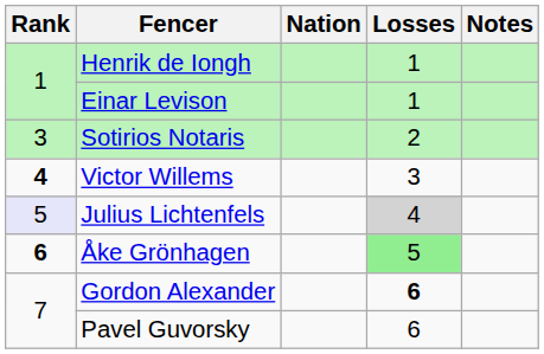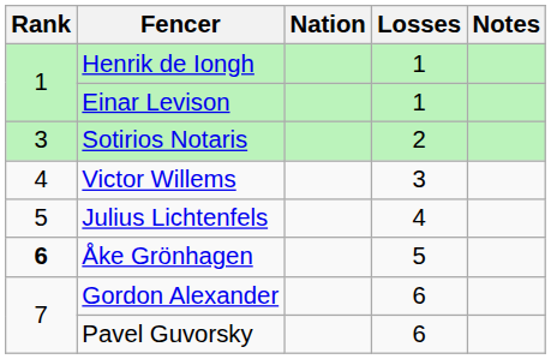 <table class="wikitable sortable" style="text-align:center">
 <tr>
 <th>Rank</th>
 <th>Fencer</th>
 <th>Nation</th>
 <th>Losses</th>
 <th>Notes</th>
 </tr>
 <tr bgcolor=bbf3bb>
 <td rowspan=2>1</td>
 <td align=left><a href='#'>Henrik de Iongh</a></td>
 <td align=left></td>
 <td>1</td>
 <td></td>
 </tr>
 <tr bgcolor=bbf3bb>
 <td align=left><a href='#'>Einar Levison</a></td>
 <td align=left></td>
 <td>1</td>
 <td></td>
 </tr>
 <tr bgcolor=bbf3bb>
 <td>3</td>
 <td align=left><a href='#'>Sotirios Notaris</a></td>
 <td align=left></td>
 <td>2</td>
 <td></td>
 </tr>
 <tr>
-<td><strong>4</strong></td>
+<td>4</td>
 <td align=left><a href='#'>Victor Willems</a></td>
 <td align=left></td>
 <td>3</td>
 <td></td>
 </tr>
 <tr>
-<td style="background: lavender;">5</td>
+<td>5</td>
 <td align=left><a href='#'>Julius Lichtenfels</a></td>
 <td align=left></td>
-<td style="background: lightgrey;">4</td>
+<td>4</td>
 <td></td>
 </tr>
 <tr>
 <td><strong>6</strong></td>
 <td align=left><a href='#'>Åke Grönhagen</a></td>
 <td align=left></td>
-<td style="background: lightgreen;">5</td>
+<td>5</td>
 <td></td>
 </tr>
 <tr>
 <td rowspan=2>7</td>
 <td align=left><a href='#'>Gordon Alexander</a></td>
 <td align=left></td>
-<td><strong>6</strong></td>
+<td>6</td>
 <td></td>
 </tr>
 <tr>
 <td align=left>Pavel Guvorsky</td>
 <td align=left></td>
 <td>6</td>
 <td></td>
 </tr>
 </table>
